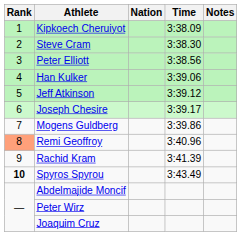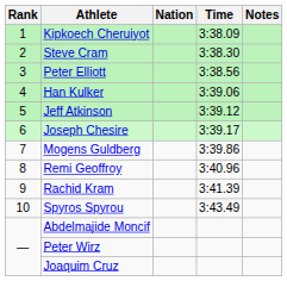 <table class="wikitable sortable" style="text-align:center">
 <tr>
 <th>Rank</th>
 <th>Athlete</th>
 <th>Nation</th>
 <th>Time</th>
 <th>Notes</th>
 </tr>
 <tr style="background:#bbf3bb;">
 <td>1</td>
 <td align=left><a href='#'>Kipkoech Cheruiyot</a></td>
 <td align=left></td>
 <td>3:38.09</td>
 <td></td>
 </tr>
 <tr style="background:#bbf3bb;">
 <td>2</td>
 <td align=left><a href='#'>Steve Cram</a></td>
 <td align=left></td>
 <td>3:38.30</td>
 <td></td>
 </tr>
 <tr style="background:#bbf3bb;">
 <td>3</td>
 <td align=left><a href='#'>Peter Elliott</a></td>
 <td align=left></td>
 <td>3:38.56</td>
 <td></td>
 </tr>
 <tr style="background:#bbf3bb;">
 <td>4</td>
 <td align=left><a href='#'>Han Kulker</a></td>
 <td align=left></td>
 <td>3:39.06</td>
 <td></td>
 </tr>
 <tr style="background:#bbf3bb;">
 <td>5</td>
 <td align=left><a href='#'>Jeff Atkinson</a></td>
 <td align=left></td>
 <td>3:39.12</td>
 <td></td>
 </tr>
 <tr style="background:#ccf9cc;">
 <td>6</td>
 <td align=left><a href='#'>Joseph Chesire</a></td>
 <td align=left></td>
 <td>3:39.17</td>
 <td></td>
 </tr>
 <tr>
 <td>7</td>
 <td align=left><a href='#'>Mogens Guldberg</a></td>
 <td align=left></td>
 <td>3:39.86</td>
 <td></td>
 </tr>
 <tr>
-<td style="background: lightsalmon;">8</td>
+<td>8</td>
 <td align=left><a href='#'>Remi Geoffroy</a></td>
 <td align=left></td>
 <td>3:40.96</td>
 <td></td>
 </tr>
 <tr>
 <td>9</td>
 <td align=left><a href='#'>Rachid Kram</a></td>
 <td align=left></td>
 <td>3:41.39</td>
 <td></td>
 </tr>
 <tr>
-<td><strong>10</strong></td>
+<td>10</td>
 <td align=left><a href='#'>Spyros Spyrou</a></td>
 <td align=left></td>
 <td>3:43.49</td>
 <td></td>
 </tr>
 <tr>
 <td rowspan=3 data-sort-value=11>—</td>
 <td align=left><a href='#'>Abdelmajide Moncif</a></td>
 <td align=left></td>
 <td></td>
 <td></td>
 </tr>
 <tr>
 <td align=left><a href='#'>Peter Wirz</a></td>
 <td align=left></td>
 <td></td>
 <td></td>
 </tr>
 <tr>
 <td align=left><a href='#'>Joaquim Cruz</a></td>
 <td align=left></td>
 <td></td>
 <td></td>
 </tr>
 </table>
